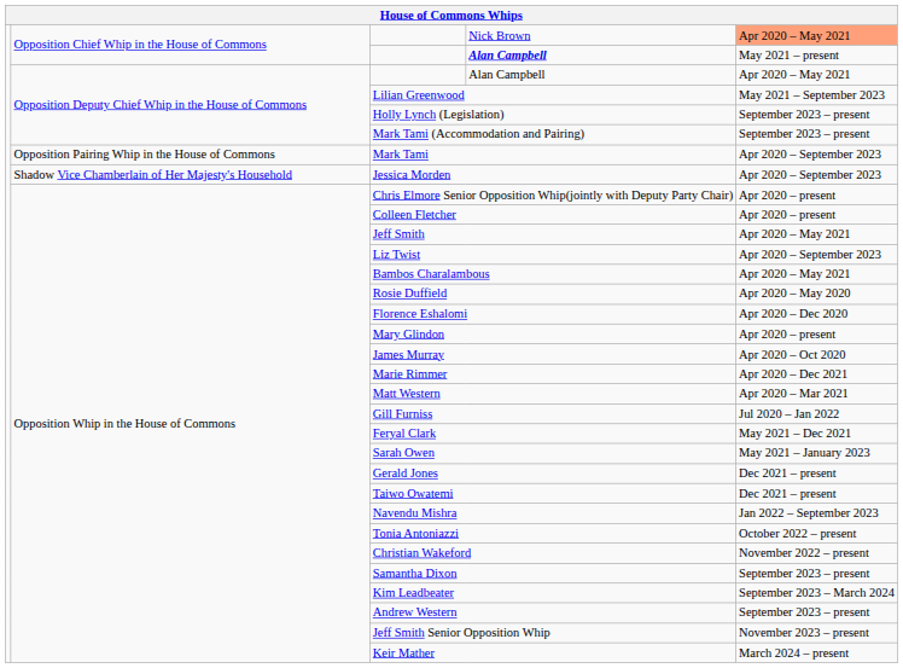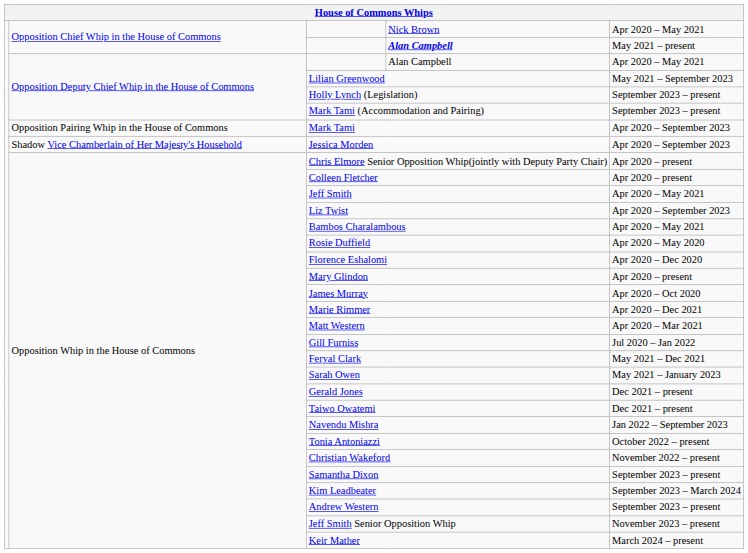 <table class="wikitable">
 <tr>
 <th colspan="5"><a href='#'>House of Commons Whips</a></th>
 </tr>
 <tr>
 <td rowspan="32" style="background: "></td>
 <td rowspan="2" style="width: 450px;"><a href='#'>Opposition Chief Whip in the House of Commons</a></td>
 <td style="background: "></td>
 <td style="width: 337px;"><a href='#'>Nick Brown</a></td>
-<td style="background: lightsalmon;">Apr 2020 – May 2021</td>
+<td>Apr 2020 – May 2021</td>
 </tr>
 <tr>
 <td style="background: "></td>
 <td><strong><em><a href='#'>Alan Campbell</a></em></strong></td>
 <td>May 2021 – present</td>
 </tr>
 <tr>
 <td rowspan="4"><a href='#'>Opposition Deputy Chief Whip in the House of Commons</a></td>
 <td style="background: "></td>
 <td>Alan Campbell</td>
 <td>Apr 2020 – May 2021</td>
 </tr>
 <tr>
 <td colspan="2"><a href='#'>Lilian Greenwood</a></td>
 <td>May 2021 – September 2023</td>
 </tr>
 <tr>
 <td colspan="2"><a href='#'>Holly Lynch</a> (Legislation)</td>
 <td>September 2023 – present</td>
 </tr>
 <tr>
 <td colspan="2"><a href='#'>Mark Tami</a> (Accommodation and Pairing)</td>
 <td>September 2023 – present</td>
 </tr>
 <tr>
 <td>Opposition Pairing Whip in the House of Commons</td>
 <td colspan="2"><a href='#'>Mark Tami</a></td>
 <td>Apr 2020 – September 2023</td>
 </tr>
 <tr>
 <td>Shadow <a href='#'>Vice Chamberlain of Her Majesty's Household</a></td>
 <td colspan="2"><a href='#'>Jessica Morden</a></td>
 <td>Apr 2020 – September 2023</td>
 </tr>
 <tr>
 <td rowspan="24">Opposition Whip in the House of Commons</td>
 <td colspan="2"><a href='#'>Chris Elmore</a> Senior Opposition Whip(jointly with Deputy Party Chair)</td>
 <td>Apr 2020 – present</td>
 </tr>
 <tr>
 <td colspan="2"><a href='#'>Colleen Fletcher</a></td>
 <td>Apr 2020 – present</td>
 </tr>
 <tr>
 <td colspan="2"><a href='#'>Jeff Smith</a></td>
 <td>Apr 2020 – May 2021</td>
 </tr>
 <tr>
 <td colspan="2"><a href='#'>Liz Twist</a></td>
 <td>Apr 2020 – September 2023</td>
 </tr>
 <tr>
 <td colspan="2"><a href='#'>Bambos Charalambous</a></td>
 <td>Apr 2020 – May 2021</td>
 </tr>
 <tr>
 <td colspan="2"><a href='#'>Rosie Duffield</a></td>
 <td>Apr 2020 – May 2020</td>
 </tr>
 <tr>
 <td colspan="2"><a href='#'>Florence Eshalomi</a></td>
 <td>Apr 2020 – Dec 2020</td>
 </tr>
 <tr>
 <td colspan="2"><a href='#'>Mary Glindon</a></td>
 <td>Apr 2020 – present</td>
 </tr>
 <tr>
 <td colspan="2"><a href='#'>James Murray</a></td>
 <td>Apr 2020 – Oct 2020</td>
 </tr>
 <tr>
 <td colspan="2"><a href='#'>Marie Rimmer</a></td>
 <td>Apr 2020 – Dec 2021</td>
 </tr>
 <tr>
 <td colspan="2"><a href='#'>Matt Western</a></td>
 <td>Apr 2020 – Mar 2021</td>
 </tr>
 <tr>
 <td colspan="2"><a href='#'>Gill Furniss</a></td>
 <td>Jul 2020 – Jan 2022</td>
 </tr>
 <tr>
 <td colspan="2"><a href='#'>Feryal Clark</a></td>
 <td>May 2021 – Dec 2021</td>
 </tr>
 <tr>
 <td colspan="2"><a href='#'>Sarah Owen</a></td>
 <td>May 2021 – January 2023</td>
 </tr>
 <tr>
 <td colspan="2"><a href='#'>Gerald Jones</a></td>
 <td>Dec 2021 – present</td>
 </tr>
 <tr>
 <td colspan="2"><a href='#'>Taiwo Owatemi</a></td>
 <td>Dec 2021 – present</td>
 </tr>
 <tr>
 <td colspan="2"><a href='#'>Navendu Mishra</a></td>
 <td>Jan 2022 – September 2023</td>
 </tr>
 <tr>
 <td colspan="2"><a href='#'>Tonia Antoniazzi</a></td>
 <td>October 2022 – present</td>
 </tr>
 <tr>
 <td colspan="2"><a href='#'>Christian Wakeford</a></td>
 <td>November 2022 – present</td>
 </tr>
 <tr>
 <td colspan="2"><a href='#'>Samantha Dixon</a></td>
 <td>September 2023 – present</td>
 </tr>
 <tr>
 <td colspan="2"><a href='#'>Kim Leadbeater</a></td>
 <td>September 2023 – March 2024</td>
 </tr>
 <tr>
 <td colspan="2"><a href='#'>Andrew Western</a></td>
 <td>September 2023 – present</td>
 </tr>
 <tr>
 <td colspan="2"><a href='#'>Jeff Smith</a> Senior Opposition Whip</td>
 <td>November 2023 – present</td>
 </tr>
 <tr>
 <td colspan="2"><a href='#'>Keir Mather</a></td>
 <td>March 2024 – present</td>
 </tr>
 </table>
